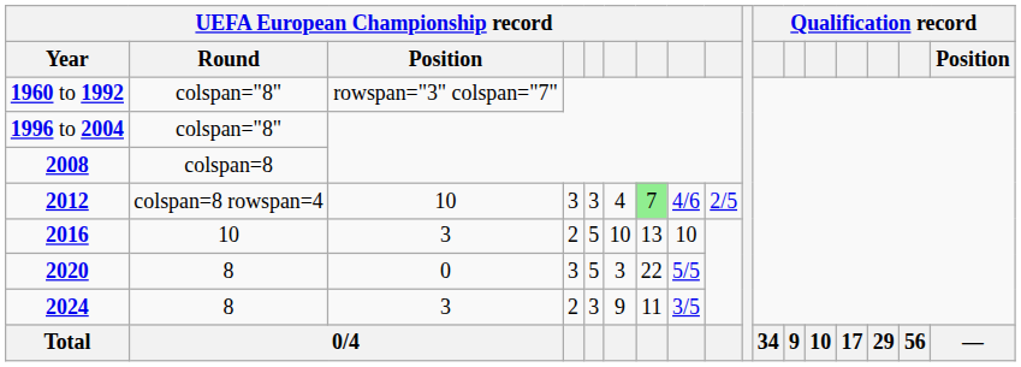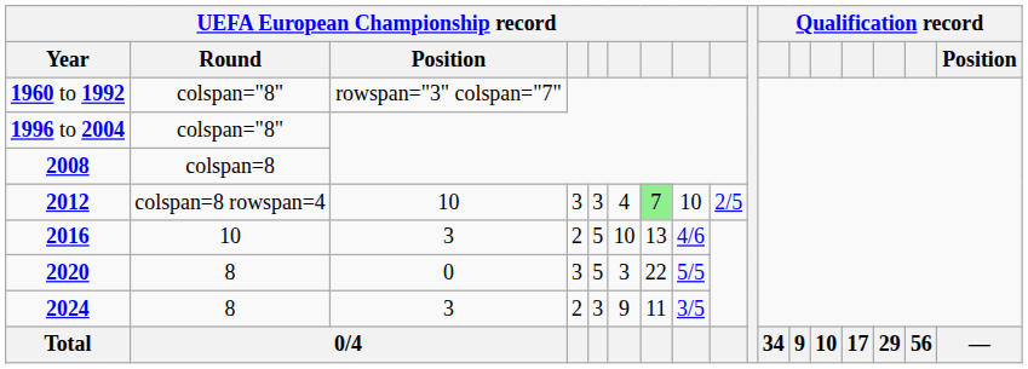 <table class="wikitable" style="text-align: center; font-size: 90%">
 <tr>
 <th colspan=9><a href='#'>UEFA European Championship</a> record</th>
 <th rowspan=11></th>
 <th colspan=7><a href='#'>Qualification</a> record</th>
 </tr>
 <tr>
 <th>Year</th>
 <th>Round</th>
 <th>Position</th>
 <th></th>
 <th></th>
 <th></th>
 <th></th>
 <th></th>
 <th></th>
 <th></th>
 <th></th>
 <th></th>
 <th></th>
 <th></th>
 <th></th>
 <th>Position</th>
 </tr>
 <tr>
 <td><strong><a href='#'>1960</a></strong> to <strong><a href='#'>1992</a></strong></td>
 <td>colspan="8" </td>
 <td>rowspan="3" colspan="7" </td>
 </tr>
 <tr>
 <td><strong><a href='#'>1996</a></strong> to <strong><a href='#'>2004</a></strong></td>
 <td>colspan="8" </td>
 </tr>
 <tr>
 <td>  <strong><a href='#'>2008</a></strong></td>
 <td>colspan=8 </td>
 </tr>
 <tr>
 <td>  <strong><a href='#'>2012</a></strong></td>
 <td>colspan=8 rowspan=4 </td>
 <td>10</td>
 <td>3</td>
 <td>3</td>
 <td>4</td>
 <td style="background: lightgreen;">7</td>
-<td><a href='#'>4/6</a></td>
+<td>10</td>
 <td><a href='#'>2/5</a></td>
 </tr>
 <tr>
 <td> <strong><a href='#'>2016</a></strong></td>
 <td>10</td>
 <td>3</td>
 <td>2</td>
 <td>5</td>
 <td>10</td>
 <td>13</td>
-<td>10</td>
+<td><a href='#'>4/6</a></td>
 </tr>
 <tr>
 <td> <strong><a href='#'>2020</a></strong></td>
 <td>8</td>
 <td>0</td>
 <td>3</td>
 <td>5</td>
 <td>3</td>
 <td>22</td>
 <td><a href='#'>5/5</a></td>
 </tr>
 <tr>
 <td> <strong><a href='#'>2024</a></strong></td>
 <td>8</td>
 <td>3</td>
 <td>2</td>
 <td>3</td>
 <td>9</td>
 <td>11</td>
 <td><a href='#'>3/5</a></td>
 </tr>
 <tr>
 <th><strong>Total</strong></th>
 <th colspan=2><strong>0/4</strong></th>
 <th></th>
 <th></th>
 <th></th>
 <th></th>
 <th></th>
 <th></th>
 <th>34</th>
 <th>9</th>
 <th>10</th>
 <th>17</th>
 <th>29</th>
 <th>56</th>
 <th>—</th>
 </tr>
 </table>
